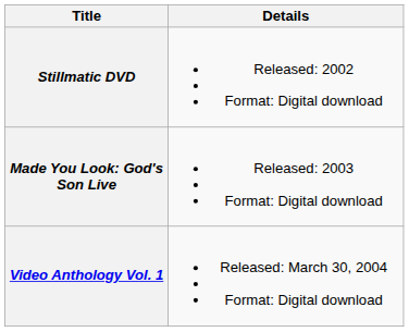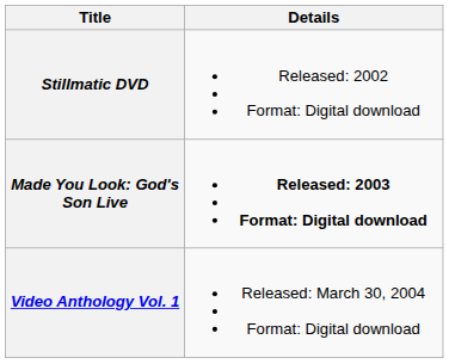 <table class="wikitable plainrowheaders" style="text-align:center;">
 <tr>
 <th scope="col" style="width:11em;">Title</th>
 <th scope="col" style="width:16em;">Details</th>
 </tr>
 <tr>
 <th scope="row"><em>Stillmatic DVD</em></th>
 <td><br><ul><li>Released: 2002</li><li></li><li>Format: Digital download</li></ul></td>
 </tr>
 <tr>
 <th scope="row"><em>Made You Look: God's Son Live</em></th>
-<td><br><ul><li>Released: 2003</li><li></li><li>Format: Digital download</li></ul></td>
+<td><strong><br><ul><li>Released: 2003</li><li></li><li>Format: Digital download</li></ul></strong></td>
 </tr>
 <tr>
 <th scope="row"><em><a href='#'>Video Anthology Vol. 1</a></em></th>
 <td><br><ul><li>Released: March 30, 2004</li><li></li><li>Format: Digital download</li></ul></td>
 </tr>
 </table>
